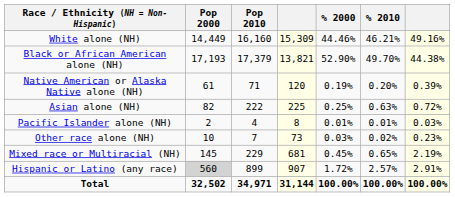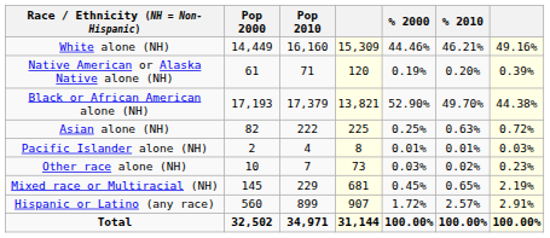 <table class="wikitable" style="text-align:center;">
 <tr>
 <th>Race / Ethnicity <small>(<em>NH = Non-Hispanic</em>)</small></th>
 <th>Pop 2000</th>
 <th>Pop 2010</th>
 <th></th>
 <th>% 2000</th>
 <th>% 2010</th>
 <th></th>
 </tr>
 <tr>
 <td><a href='#'>White</a> alone (NH)</td>
 <td>14,449</td>
 <td>16,160</td>
 <td style='background: #ffffe6;'>15,309</td>
 <td>44.46%</td>
 <td>46.21%</td>
 <td style='background: #ffffe6;'>49.16%</td>
 </tr>
 <tr>
+<td><a href='#'>Native American</a> or <a href='#'>Alaska Native</a> alone (NH)</td>
+<td>61</td>
+<td>71</td>
+<td style='background: #ffffe6;'>120</td>
+<td>0.19%</td>
+<td>0.20%</td>
+<td style='background: #ffffe6;'>0.39%</td>
+</tr>
+<tr>
 <td><a href='#'>Black or African American</a> alone (NH)</td>
 <td>17,193</td>
 <td>17,379</td>
 <td style='background: #ffffe6;'>13,821</td>
 <td>52.90%</td>
 <td>49.70%</td>
 <td style='background: #ffffe6;'>44.38%</td>
-</tr>
-<tr>
-<td><a href='#'>Native American</a> or <a href='#'>Alaska Native</a> alone (NH)</td>
-<td>61</td>
-<td>71</td>
-<td style='background: #ffffe6;'>120</td>
-<td>0.19%</td>
-<td>0.20%</td>
-<td style='background: #ffffe6;'>0.39%</td>
 </tr>
 <tr>
 <td><a href='#'>Asian</a> alone (NH)</td>
 <td>82</td>
 <td>222</td>
 <td style='background: #ffffe6;'>225</td>
 <td>0.25%</td>
 <td>0.63%</td>
 <td style='background: #ffffe6;'>0.72%</td>
 </tr>
 <tr>
 <td><a href='#'>Pacific Islander</a> alone (NH)</td>
 <td>2</td>
 <td>4</td>
 <td style='background: #ffffe6;'>8</td>
 <td>0.01%</td>
 <td>0.01%</td>
 <td style='background: #ffffe6;'>0.03%</td>
 </tr>
 <tr>
 <td><a href='#'>Other race</a> alone (NH)</td>
 <td>10</td>
 <td>7</td>
 <td style='background: #ffffe6;'>73</td>
 <td>0.03%</td>
 <td>0.02%</td>
 <td style='background: #ffffe6;'>0.23%</td>
 </tr>
 <tr>
 <td><a href='#'>Mixed race or Multiracial</a> (NH)</td>
 <td>145</td>
 <td>229</td>
 <td style='background: #ffffe6;'>681</td>
 <td>0.45%</td>
 <td>0.65%</td>
 <td style='background: #ffffe6;'>2.19%</td>
 </tr>
 <tr>
 <td><a href='#'>Hispanic or Latino</a> (any race)</td>
-<td style="background: lightgrey;">560</td>
+<td>560</td>
 <td>899</td>
 <td style='background: #ffffe6;'>907</td>
 <td>1.72%</td>
 <td>2.57%</td>
 <td style='background: #ffffe6;'>2.91%</td>
 </tr>
 <tr>
 <td><strong>Total</strong></td>
 <td><strong>32,502</strong></td>
 <td><strong>34,971</strong></td>
 <td style='background: #ffffe6;'><strong>31,144</strong></td>
 <td><strong>100.00%</strong></td>
 <td><strong>100.00%</strong></td>
 <td style='background: #ffffe6;'><strong>100.00%</strong></td>
 </tr>
 </table>
